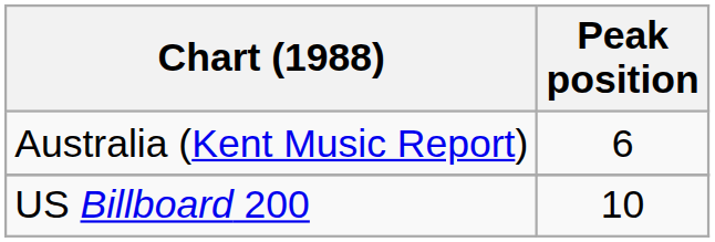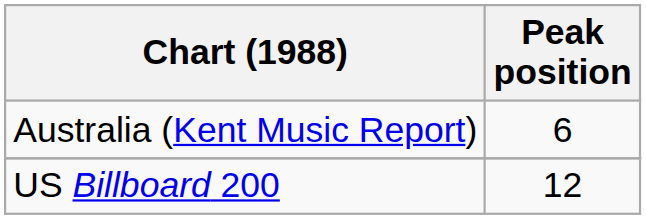 <table class="wikitable">
 <tr>
 <th scope="col">Chart (1988)</th>
 <th>Peak<br>position</th>
 </tr>
 <tr>
 <td>Australia (<a href='#'>Kent Music Report</a>)</td>
 <td style="text-align:center;">6</td>
 </tr>
 <tr>
 </tr>
 <tr>
 </tr>
 <tr>
 </tr>
 <tr>
 <td>US <a href='#'><em>Billboard</em> 200</a></td>
-<td style="text-align:center;">10</td>
+<td style="text-align:center;">12</td>
 </tr>
 </table>
